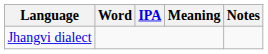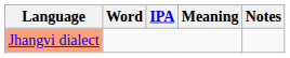 <table class="wikitable">
 <tr>
 <th>Language</th>
 <th>Word</th>
 <th><a href='#'>IPA</a></th>
 <th>Meaning</th>
 <th>Notes</th>
 </tr>
 <tr>
-<td><a href='#'>Jhangvi dialect</a></td>
+<td style="background: lightsalmon;"><a href='#'>Jhangvi dialect</a></td>
 <td colspan="3" align="center"></td>
 <td></td>
 </tr>
 </table>
